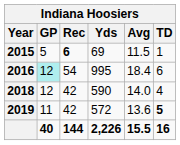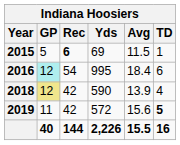 <table class="wikitable sortable">
 <tr>
 <th colspan="15">Indiana Hoosiers</th>
 </tr>
 <tr>
 <th>Year</th>
 <th>GP</th>
 <th>Rec</th>
 <th>Yds</th>
 <th>Avg</th>
 <th>TD</th>
 </tr>
 <tr>
 <th>2015</th>
 <td>5</td>
 <td><strong>6</strong></td>
 <td>69</td>
 <td>11.5</td>
 <td>1</td>
 </tr>
 <tr>
 <th>2016</th>
 <td style="background: paleturquoise;">12</td>
 <td>54</td>
 <td>995</td>
 <td>18.4</td>
 <td>6</td>
 </tr>
 <tr>
 <th>2018</th>
-<td>12</td>
+<td style="background: khaki;">12</td>
 <td>42</td>
 <td>590</td>
-<td>14.0</td>
+<td>13.9</td>
 <td>4</td>
 </tr>
 <tr>
 <th>2019</th>
 <td>11</td>
 <td>42</td>
 <td>572</td>
-<td>13.6</td>
+<td>15.6</td>
 <td><strong>5</strong></td>
 </tr>
 <tr>
 <th></th>
 <td><strong>40</strong></td>
 <td><strong>144</strong></td>
 <td><strong>2,226</strong></td>
 <td><strong>15.5</strong></td>
 <td><strong>16</strong></td>
 </tr>
 </table>
